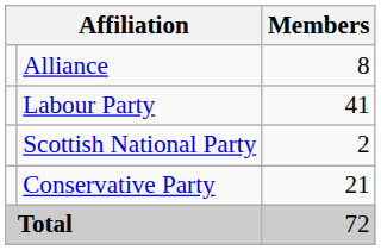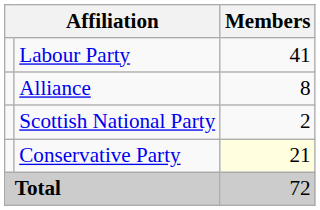 <table class="wikitable">
 <tr>
 <th colspan="2">Affiliation</th>
 <th>Members</th>
 </tr>
 <tr>
 <td style="color:inherit;background:"></td>
-<td><a href='#'>Alliance</a></td>
-<td align="right">8</td>
+<td><a href='#'>Labour Party</a></td>
+<td align="right">41</td>
 </tr>
 <tr>
 <td style="color:inherit;background:"></td>
-<td><a href='#'>Labour Party</a></td>
-<td align="right">41</td>
+<td><a href='#'>Alliance</a></td>
+<td align="right">8</td>
 </tr>
 <tr>
 <td style="color:inherit;background:"></td>
 <td><a href='#'>Scottish National Party</a></td>
 <td align="right">2</td>
 </tr>
 <tr>
 <td style="color:inherit;background:"></td>
 <td><a href='#'>Conservative Party</a></td>
-<td align="right">21</td>
+<td align="right" style="background: lightyellow;">21</td>
 </tr>
 <tr bgcolor="CCCCCC">
 <td colspan="2" rowspan="1"> <strong>Total</strong></td>
 <td align="right">72</td>
 </tr>
 </table>
